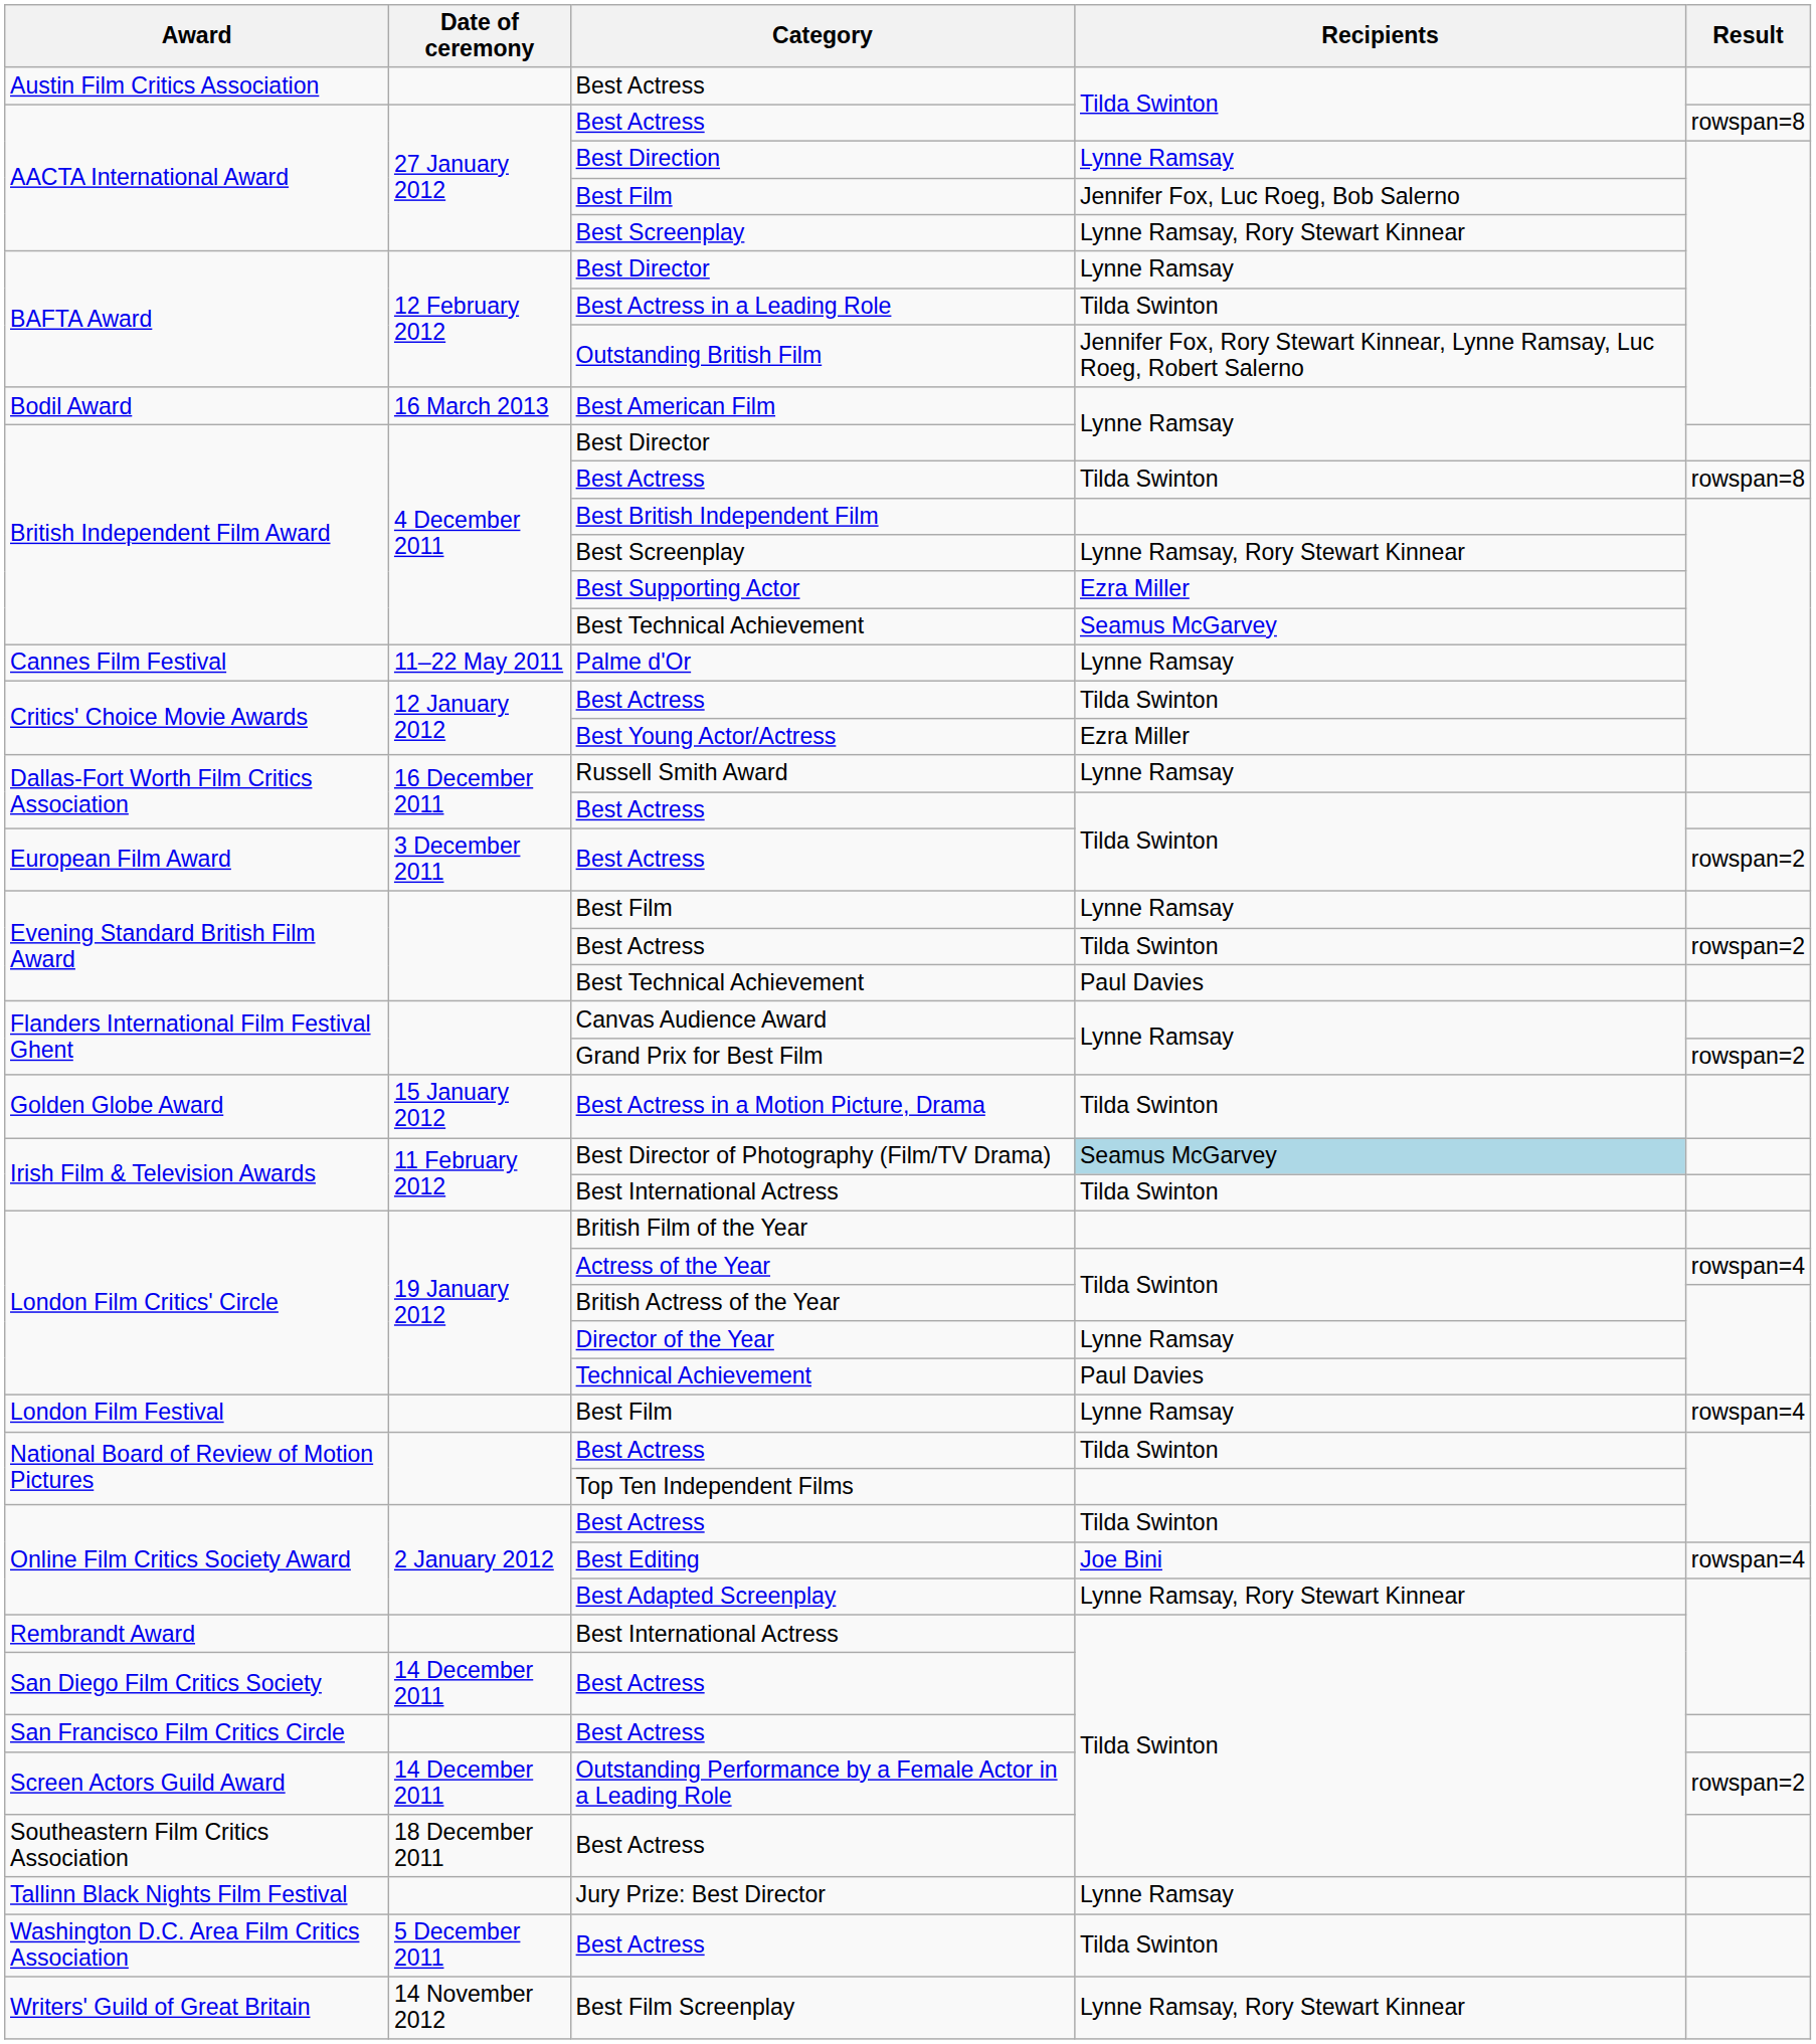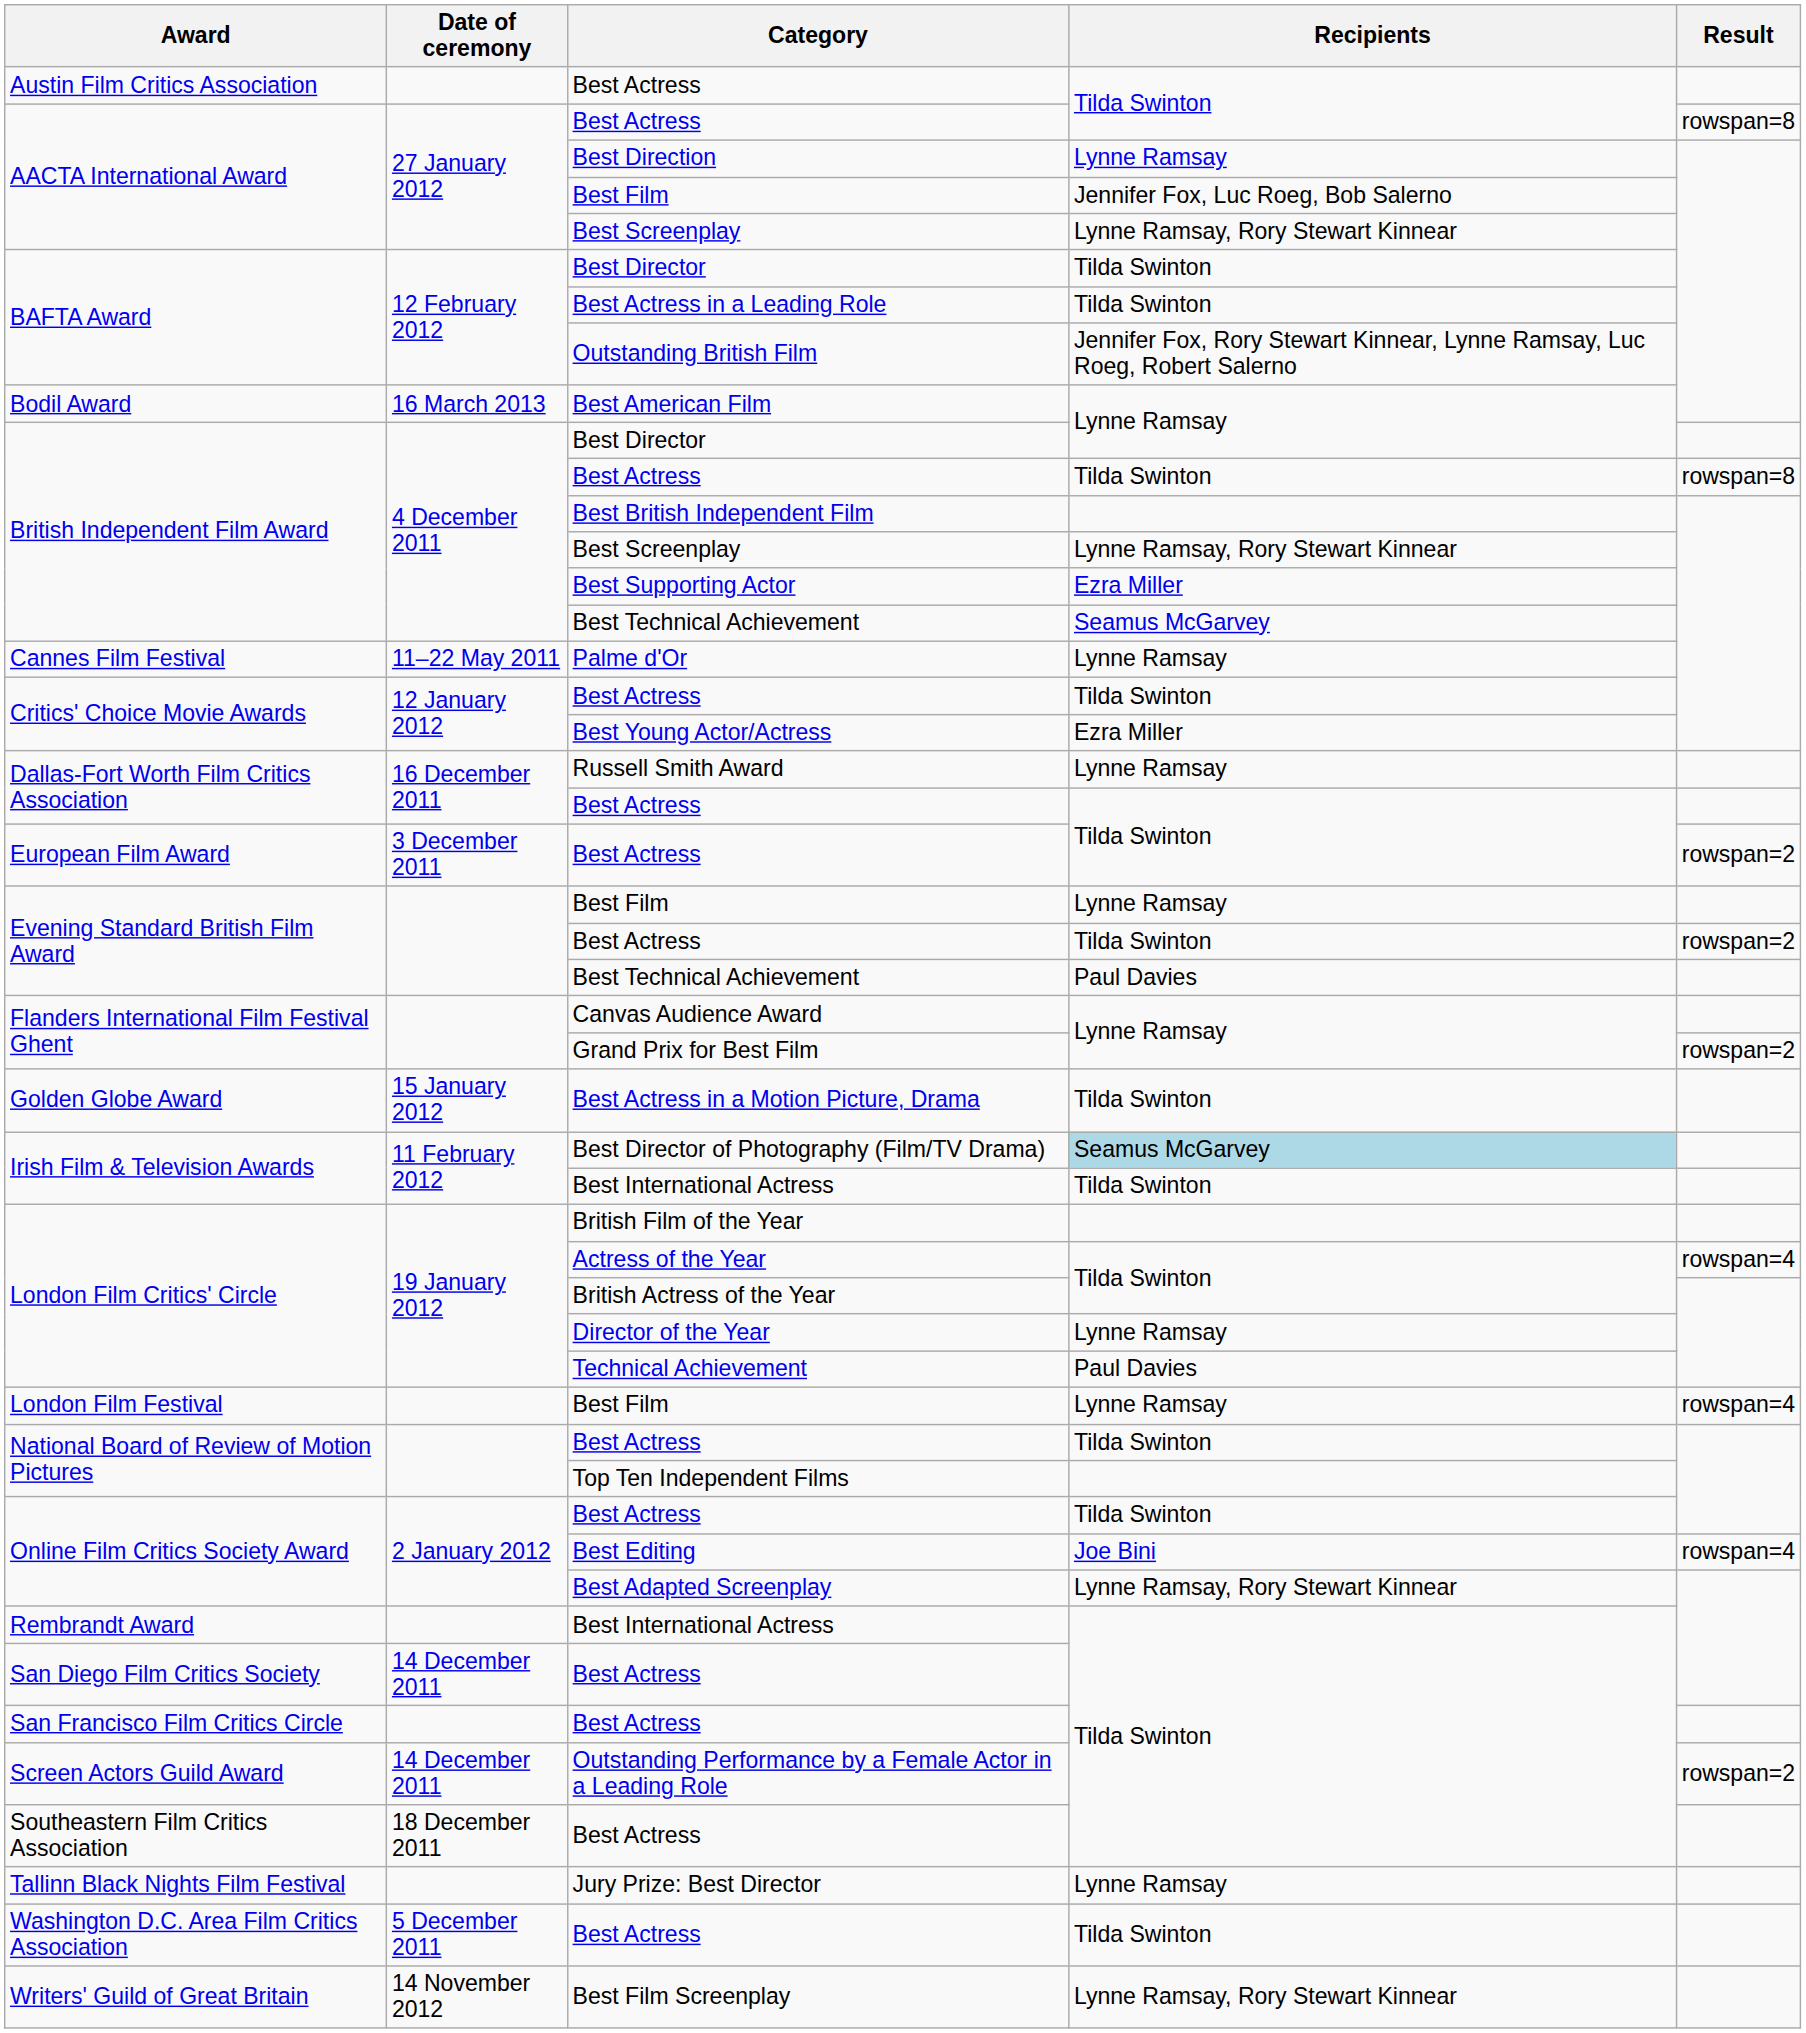 <table class="wikitable sortable plainrowheaders">
 <tr>
 <th scope="col">Award</th>
 <th scope="col">Date of ceremony</th>
 <th scope="col">Category</th>
 <th scope="col">Recipients</th>
 <th scope="col">Result</th>
 </tr>
 <tr>
 <td><a href='#'>Austin Film Critics Association</a></td>
 <td></td>
 <td>Best Actress</td>
 <td rowspan="2"><a href='#'>Tilda Swinton</a></td>
 <td></td>
 </tr>
 <tr>
 <td rowspan="4"><a href='#'>AACTA International Award</a></td>
 <td rowspan="4"><a href='#'>27 January 2012</a></td>
 <td><a href='#'>Best Actress</a></td>
 <td>rowspan=8 </td>
 </tr>
 <tr>
 <td><a href='#'>Best Direction</a></td>
 <td><a href='#'>Lynne Ramsay</a></td>
 </tr>
 <tr>
 <td><a href='#'>Best Film</a></td>
 <td>Jennifer Fox, Luc Roeg, Bob Salerno</td>
 </tr>
 <tr>
 <td><a href='#'>Best Screenplay</a></td>
 <td>Lynne Ramsay, Rory Stewart Kinnear</td>
 </tr>
 <tr>
 <td rowspan="3"><a href='#'>BAFTA Award</a></td>
 <td rowspan="3"><a href='#'>12 February 2012</a></td>
 <td><a href='#'>Best Director</a></td>
-<td>Lynne Ramsay</td>
+<td>Tilda Swinton</td>
 </tr>
 <tr>
 <td><a href='#'>Best Actress in a Leading Role</a></td>
 <td>Tilda Swinton</td>
 </tr>
 <tr>
 <td><a href='#'>Outstanding British Film</a></td>
 <td>Jennifer Fox, Rory Stewart Kinnear, Lynne Ramsay, Luc Roeg, Robert Salerno</td>
 </tr>
 <tr>
 <td><a href='#'>Bodil Award</a></td>
 <td><a href='#'>16 March 2013</a></td>
 <td><a href='#'>Best American Film</a></td>
 <td rowspan="2">Lynne Ramsay</td>
 </tr>
 <tr>
 <td rowspan="6"><a href='#'>British Independent Film Award</a></td>
 <td rowspan="6"><a href='#'>4 December 2011</a></td>
 <td>Best Director</td>
 <td></td>
 </tr>
 <tr>
 <td><a href='#'>Best Actress</a></td>
 <td>Tilda Swinton</td>
 <td>rowspan=8 </td>
 </tr>
 <tr>
 <td><a href='#'>Best British Independent Film</a></td>
 <td></td>
 </tr>
 <tr>
 <td>Best Screenplay</td>
 <td>Lynne Ramsay, Rory Stewart Kinnear</td>
 </tr>
 <tr>
 <td><a href='#'>Best Supporting Actor</a></td>
 <td><a href='#'>Ezra Miller</a></td>
 </tr>
 <tr>
 <td>Best Technical Achievement </td>
 <td><a href='#'>Seamus McGarvey</a></td>
 </tr>
 <tr>
 <td><a href='#'>Cannes Film Festival</a></td>
 <td><a href='#'>11–22 May 2011</a></td>
 <td><a href='#'>Palme d'Or</a></td>
 <td>Lynne Ramsay</td>
 </tr>
 <tr>
 <td rowspan="2"><a href='#'>Critics' Choice Movie Awards</a></td>
 <td rowspan="2"><a href='#'>12 January 2012</a></td>
 <td><a href='#'>Best Actress</a></td>
 <td>Tilda Swinton</td>
 </tr>
 <tr>
 <td><a href='#'>Best Young Actor/Actress</a></td>
 <td>Ezra Miller</td>
 </tr>
 <tr>
 <td rowspan="2"><a href='#'>Dallas-Fort Worth Film Critics Association</a></td>
 <td rowspan="2"><a href='#'>16 December 2011</a></td>
 <td>Russell Smith Award</td>
 <td>Lynne Ramsay</td>
 <td></td>
 </tr>
 <tr>
 <td><a href='#'>Best Actress</a></td>
 <td rowspan="2">Tilda Swinton</td>
 <td></td>
 </tr>
 <tr>
 <td><a href='#'>European Film Award</a></td>
 <td><a href='#'>3 December 2011</a></td>
 <td><a href='#'>Best Actress</a></td>
 <td>rowspan=2 </td>
 </tr>
 <tr>
 <td rowspan="3"><a href='#'>Evening Standard British Film Award</a></td>
 <td rowspan="3"></td>
 <td>Best Film</td>
 <td>Lynne Ramsay</td>
 </tr>
 <tr>
 <td>Best Actress</td>
 <td>Tilda Swinton</td>
 <td>rowspan=2 </td>
 </tr>
 <tr>
 <td>Best Technical Achievement </td>
 <td>Paul Davies</td>
 </tr>
 <tr>
 <td rowspan="2"><a href='#'>Flanders International Film Festival Ghent</a></td>
 <td rowspan="2"></td>
 <td>Canvas Audience Award</td>
 <td rowspan="2">Lynne Ramsay</td>
 <td></td>
 </tr>
 <tr>
 <td>Grand Prix for Best Film</td>
 <td>rowspan=2 </td>
 </tr>
 <tr>
 <td><a href='#'>Golden Globe Award</a></td>
 <td><a href='#'>15 January 2012</a></td>
 <td><a href='#'>Best Actress in a Motion Picture, Drama</a></td>
 <td>Tilda Swinton</td>
 </tr>
 <tr>
 <td rowspan="2"><a href='#'>Irish Film & Television Awards</a></td>
 <td rowspan="2"><a href='#'>11 February 2012</a></td>
 <td>Best Director of Photography (Film/TV Drama)</td>
 <td style="background: lightblue;">Seamus McGarvey</td>
 <td></td>
 </tr>
 <tr>
 <td>Best International Actress</td>
 <td>Tilda Swinton</td>
 <td></td>
 </tr>
 <tr>
 <td rowspan="5"><a href='#'>London Film Critics' Circle</a></td>
 <td rowspan="5"><a href='#'>19 January 2012</a></td>
 <td>British Film of the Year</td>
 <td></td>
 <td></td>
 </tr>
 <tr>
 <td><a href='#'>Actress of the Year</a></td>
 <td rowspan="2">Tilda Swinton</td>
 <td>rowspan=4 </td>
 </tr>
 <tr>
 <td>British Actress of the Year</td>
 </tr>
 <tr>
 <td><a href='#'>Director of the Year</a></td>
 <td>Lynne Ramsay</td>
 </tr>
 <tr>
 <td><a href='#'>Technical Achievement</a> </td>
 <td>Paul Davies</td>
 </tr>
 <tr>
 <td><a href='#'>London Film Festival</a></td>
 <td></td>
 <td>Best Film</td>
 <td>Lynne Ramsay</td>
 <td>rowspan=4 </td>
 </tr>
 <tr>
 <td rowspan="2"><a href='#'>National Board of Review of Motion Pictures</a></td>
 <td rowspan="2"></td>
 <td><a href='#'>Best Actress</a></td>
 <td>Tilda Swinton</td>
 </tr>
 <tr>
 <td>Top Ten Independent Films</td>
 <td></td>
 </tr>
 <tr>
 <td rowspan="3"><a href='#'>Online Film Critics Society Award</a></td>
 <td rowspan="3"><a href='#'>2 January 2012</a></td>
 <td><a href='#'>Best Actress</a></td>
 <td>Tilda Swinton</td>
 </tr>
 <tr>
 <td><a href='#'>Best Editing</a></td>
 <td><a href='#'>Joe Bini</a></td>
 <td>rowspan=4 </td>
 </tr>
 <tr>
 <td><a href='#'>Best Adapted Screenplay</a></td>
 <td>Lynne Ramsay, Rory Stewart Kinnear</td>
 </tr>
 <tr>
 <td><a href='#'>Rembrandt Award</a></td>
 <td></td>
 <td>Best International Actress</td>
 <td rowspan="5">Tilda Swinton</td>
 </tr>
 <tr>
 <td><a href='#'>San Diego Film Critics Society</a></td>
 <td><a href='#'>14 December 2011</a></td>
 <td><a href='#'>Best Actress</a></td>
 </tr>
 <tr>
 <td><a href='#'>San Francisco Film Critics Circle</a></td>
 <td></td>
 <td><a href='#'>Best Actress</a></td>
 <td></td>
 </tr>
 <tr>
 <td><a href='#'>Screen Actors Guild Award</a></td>
 <td><a href='#'>14 December 2011</a></td>
 <td><a href='#'>Outstanding Performance by a Female Actor in a Leading Role</a></td>
 <td>rowspan=2 </td>
 </tr>
 <tr>
 <td>Southeastern Film Critics Association</td>
 <td>18 December 2011</td>
 <td>Best Actress</td>
 </tr>
 <tr>
 <td><a href='#'>Tallinn Black Nights Film Festival</a></td>
 <td></td>
 <td>Jury Prize: Best Director</td>
 <td>Lynne Ramsay</td>
 <td></td>
 </tr>
 <tr>
 <td><a href='#'>Washington D.C. Area Film Critics Association</a></td>
 <td><a href='#'>5 December 2011</a></td>
 <td><a href='#'>Best Actress</a></td>
 <td>Tilda Swinton</td>
 <td></td>
 </tr>
 <tr>
 <td><a href='#'>Writers' Guild of Great Britain</a></td>
 <td>14 November 2012</td>
 <td>Best Film Screenplay</td>
 <td>Lynne Ramsay, Rory Stewart Kinnear</td>
 <td></td>
 </tr>
 </table>
